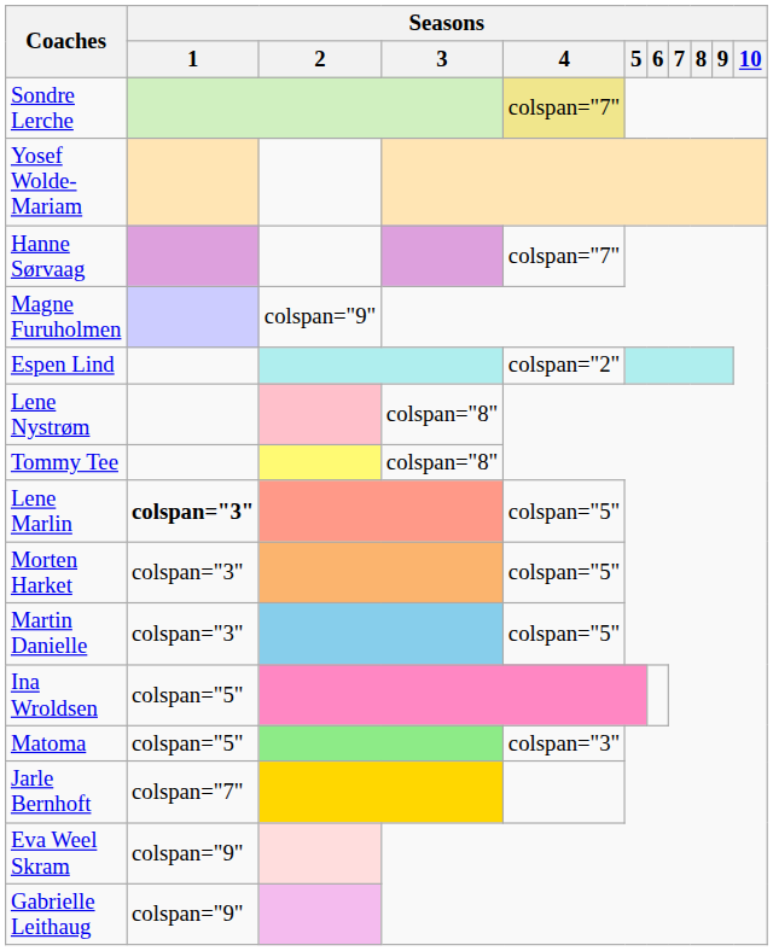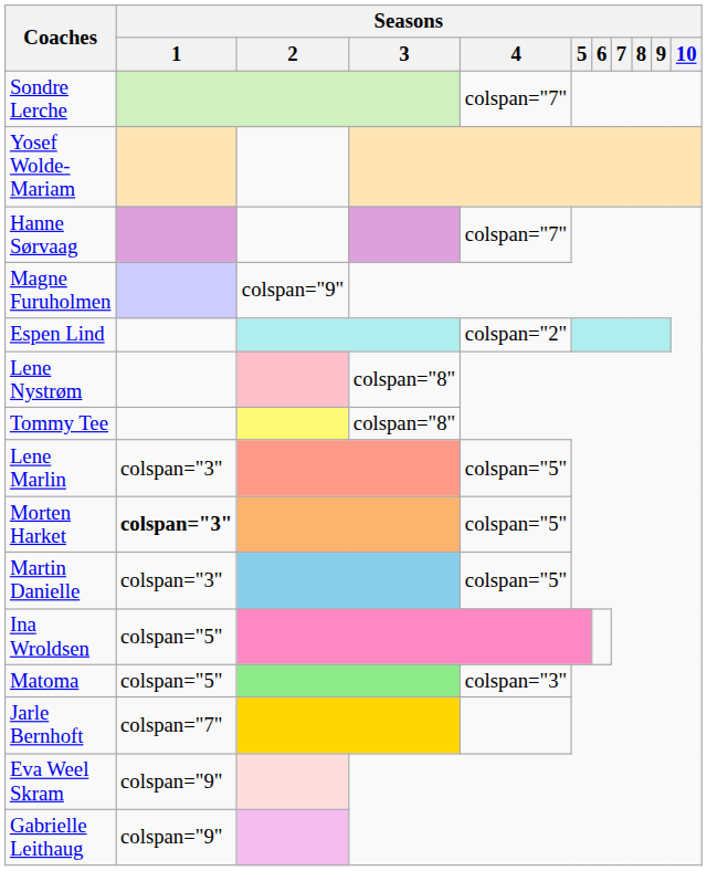 <table class="wikitable nowrap" width="50%">
 <tr>
 <th rowspan="2">Coaches</th>
 <th colspan="10">Seasons</th>
 </tr>
 <tr>
 <th width="45">1</th>
 <th width="45">2</th>
 <th width="45">3</th>
 <th width="45">4</th>
 <th width="45">5</th>
 <th width="45">6</th>
 <th width="45">7</th>
 <th width="45">8</th>
 <th width="45">9</th>
 <th width="45"><a href='#'>10</a></th>
 </tr>
 <tr>
 <td><a href='#'>Sondre Lerche</a></td>
 <td colspan="3" style="background:#d0f0c0"></td>
-<td style="background: khaki;">colspan="7" </td>
+<td>colspan="7" </td>
 </tr>
 <tr>
 <td><a href='#'>Yosef Wolde-Mariam</a></td>
 <td style="background:#ffe5b4"></td>
 <td></td>
 <td colspan="8" style="background:#ffe5b4"></td>
 </tr>
 <tr>
 <td><a href='#'>Hanne Sørvaag</a></td>
 <td style="background:#dda0dd"></td>
 <td></td>
 <td style="background:#dda0dd"></td>
 <td>colspan="7" </td>
 </tr>
 <tr>
 <td><a href='#'>Magne Furuholmen</a></td>
 <td style="background:#ccf"></td>
 <td>colspan="9" </td>
 </tr>
 <tr>
 <td><a href='#'>Espen Lind</a></td>
 <td></td>
 <td colspan="2" style="background:#afeeee"></td>
 <td>colspan="2" </td>
 <td colspan="5" style="background:#afeeee"></td>
 </tr>
 <tr>
 <td><a href='#'>Lene Nystrøm</a></td>
 <td></td>
 <td style="background: pink"></td>
 <td>colspan="8" </td>
 </tr>
 <tr>
 <td><a href='#'>Tommy Tee</a></td>
 <td></td>
 <td style="background:#fffa73"></td>
 <td>colspan="8" </td>
 </tr>
 <tr>
 <td><a href='#'>Lene Marlin</a></td>
-<td><strong>colspan="3" </strong></td>
+<td>colspan="3" </td>
 <td colspan="2" style="background:#ff9988"></td>
 <td>colspan="5" </td>
 </tr>
 <tr>
 <td><a href='#'>Morten Harket</a></td>
-<td>colspan="3" </td>
+<td><strong>colspan="3" </strong></td>
 <td colspan="2" style="background:#fbb46e"></td>
 <td>colspan="5" </td>
 </tr>
 <tr>
 <td><a href='#'>Martin Danielle</a></td>
 <td>colspan="3" </td>
 <td colspan="2" style="background:#87ceeb"></td>
 <td>colspan="5" </td>
 </tr>
 <tr>
 <td><a href='#'>Ina Wroldsen</a></td>
 <td>colspan="5" </td>
 <td colspan="4" style="background:#FF87C3"></td>
 <td></td>
 </tr>
 <tr>
 <td><a href='#'>Matoma</a></td>
 <td>colspan="5" </td>
 <td colspan="2" style="background:#8deb87"></td>
 <td>colspan="3" </td>
 </tr>
 <tr>
 <td><a href='#'>Jarle Bernhoft</a></td>
 <td>colspan="7" </td>
 <td colspan="2" style="background:gold"></td>
 <td></td>
 </tr>
 <tr>
 <td><a href='#'>Eva Weel Skram</a></td>
 <td>colspan="9" </td>
 <td style="background:#fdd"></td>
 </tr>
 <tr>
 <td><a href='#'>Gabrielle Leithaug</a></td>
 <td>colspan="9" </td>
 <td style="background:#f4bbee"></td>
 </tr>
 </table>
